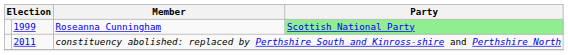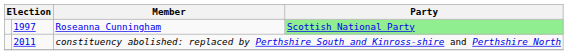 <table class="wikitable">
 <tr>
 <th colspan="2">Election</th>
 <th>Member</th>
 <th>Party</th>
 </tr>
 <tr>
 <td style="background-color: "></td>
-<td><a href='#'>1999</a></td>
+<td><a href='#'>1997</a></td>
 <td><a href='#'>Roseanna Cunningham</a></td>
 <td style="background: lightgreen;"><a href='#'>Scottish National Party</a></td>
 </tr>
 <tr>
 <td style="background-color:"></td>
 <td><a href='#'>2011</a></td>
 <td colspan="3"><em>constituency abolished: replaced by <a href='#'>Perthshire South and Kinross-shire</a></em> and <em><a href='#'>Perthshire North</a></em></td>
 </tr>
 <tr>
 </tr>
 </table>
